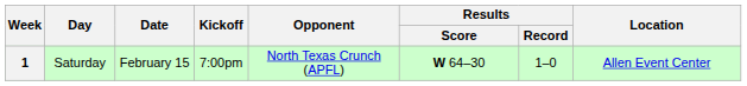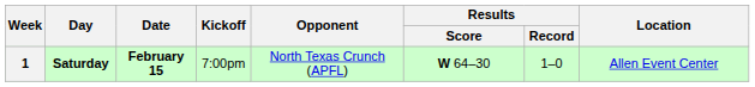 <table class="wikitable">
 <tr>
 <th rowspan="2" width="40">Week</th>
 <th rowspan="2" width="80">Day</th>
 <th rowspan="2" width="90">Date</th>
 <th rowspan="2" width="60">Kickoff</th>
 <th rowspan="2" width="180">Opponent</th>
 <th colspan="2" width="200">Results</th>
 <th rowspan="2" width="200">Location</th>
 </tr>
 <tr>
 <th width="140">Score</th>
 <th width="60">Record</th>
 </tr>
 <tr align="center" bgcolor="#CCFFCC">
 <th>1</th>
-<td>Saturday</td>
-<td>February 15</td>
+<td><strong>Saturday</strong></td>
+<td><strong>February 15</strong></td>
 <td>7:00pm</td>
 <td><a href='#'>North Texas Crunch</a> (<a href='#'>APFL</a>)</td>
 <td><strong>W</strong> 64–30</td>
 <td>1–0</td>
 <td><a href='#'>Allen Event Center</a></td>
 </tr>
 </table>
